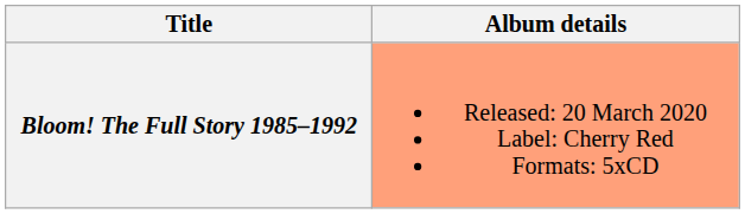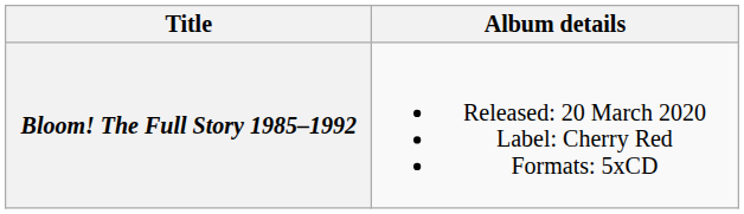 <table class="wikitable plainrowheaders" style="text-align:center;">
 <tr>
 <th scope="col" style="width:15em;">Title</th>
 <th scope="col" style="width:15em;">Album details</th>
 </tr>
 <tr>
 <th scope="row"><em>Bloom! The Full Story 1985–1992</em></th>
-<td style="background: lightsalmon;"><br><ul><li>Released: 20 March 2020</li><li>Label: Cherry Red</li><li>Formats: 5xCD</li></ul></td>
+<td><br><ul><li>Released: 20 March 2020</li><li>Label: Cherry Red</li><li>Formats: 5xCD</li></ul></td>
 </tr>
 </table>
